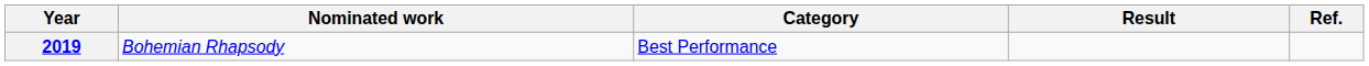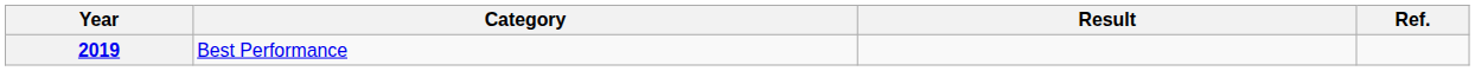 <table class="wikitable">
 <tr>
 <th width=2%>Year</th>
-<th width=11%>Nominated work</th>
 <th width=8%>Category</th>
 <th width=6%>Result</th>
 <th width=1%>Ref.</th>
 </tr>
 <tr>
 <th scope=row><a href='#'>2019</a></th>
-<td><em><a href='#'>Bohemian Rhapsody</a></em></td>
 <td><a href='#'>Best Performance</a></td>
 <td></td>
 <td style="text-align:center;"></td>
 </tr>
 </table>
